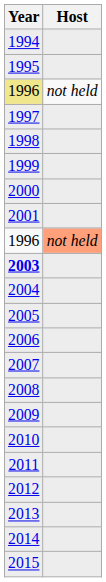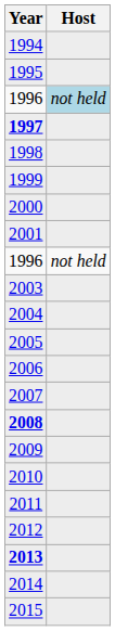 <table class="wikitable">
 <tr class="hintergrundfarbe6">
 <th>Year</th>
 <th>Host</th>
 </tr>
 <tr>
 <td align="center" bgcolor="#EDEDED"><a href='#'>1994</a></td>
 <td bgcolor="#EDEDED"></td>
 </tr>
 <tr>
 <td align="center" bgcolor="#EDEDED"><a href='#'>1995</a></td>
 <td bgcolor="#EDEDED"></td>
 </tr>
 <tr>
-<td align="center" style="background: khaki;">1996</td>
-<td><em>not held</em></td>
+<td align="center">1996</td>
+<td style="background: lightblue;"><em>not held</em></td>
 </tr>
 <tr>
-<td align="center" bgcolor="#EDEDED"><a href='#'>1997</a></td>
+<td align="center" bgcolor="#EDEDED"><strong><a href='#'>1997</a></strong></td>
 <td bgcolor="#EDEDED"></td>
 </tr>
 <tr>
 <td align="center" bgcolor="#EDEDED"><a href='#'>1998</a></td>
 <td bgcolor="#EDEDED"></td>
 </tr>
 <tr>
 <td align="center" bgcolor="#EDEDED"><a href='#'>1999</a></td>
 <td bgcolor="#EDEDED"></td>
 </tr>
 <tr>
 <td align="center" bgcolor="#EDEDED"><a href='#'>2000</a></td>
 <td bgcolor="#EDEDED"></td>
 </tr>
 <tr>
 <td align="center" bgcolor="#EDEDED"><a href='#'>2001</a></td>
 <td bgcolor="#EDEDED"></td>
 </tr>
 <tr>
 <td align="center">1996</td>
-<td style="background: lightsalmon;"><em>not held</em></td>
+<td><em>not held</em></td>
 </tr>
 <tr>
-<td align="center" bgcolor="#EDEDED"><strong><a href='#'>2003</a></strong></td>
+<td align="center" bgcolor="#EDEDED"><a href='#'>2003</a></td>
 <td bgcolor="#EDEDED"></td>
 </tr>
 <tr>
 <td align="center" bgcolor="#EDEDED"><a href='#'>2004</a></td>
 <td bgcolor="#EDEDED"></td>
 </tr>
 <tr>
 <td align="center" bgcolor="#EDEDED"><a href='#'>2005</a></td>
 <td bgcolor="#EDEDED"></td>
 </tr>
 <tr>
 <td align="center" bgcolor="#EDEDED"><a href='#'>2006</a></td>
 <td bgcolor="#EDEDED"></td>
 </tr>
 <tr>
 <td align="center" bgcolor="#EDEDED"><a href='#'>2007</a></td>
 <td bgcolor="#EDEDED"></td>
 </tr>
 <tr>
-<td align="center" bgcolor="#EDEDED"><a href='#'>2008</a></td>
+<td align="center" bgcolor="#EDEDED"><strong><a href='#'>2008</a></strong></td>
 <td bgcolor="#EDEDED"></td>
 </tr>
 <tr>
 <td align="center" bgcolor="#EDEDED"><a href='#'>2009</a></td>
 <td bgcolor="#EDEDED"></td>
 </tr>
 <tr>
 <td align="center" bgcolor="#EDEDED"><a href='#'>2010</a></td>
 <td bgcolor="#EDEDED"></td>
 </tr>
 <tr>
 <td align="center" bgcolor="#EDEDED"><a href='#'>2011</a></td>
 <td bgcolor="#EDEDED"></td>
 </tr>
 <tr>
 <td align="center" bgcolor="#EDEDED"><a href='#'>2012</a></td>
 <td bgcolor="#EDEDED"></td>
 </tr>
 <tr>
-<td align="center" bgcolor="#EDEDED"><a href='#'>2013</a></td>
+<td align="center" bgcolor="#EDEDED"><strong><a href='#'>2013</a></strong></td>
 <td bgcolor="#EDEDED"></td>
 </tr>
 <tr>
 <td align="center" bgcolor="#EDEDED"><a href='#'>2014</a></td>
 <td bgcolor="#EDEDED"></td>
 </tr>
 <tr>
 <td align="center" bgcolor="#EDEDED"><a href='#'>2015</a></td>
 <td bgcolor="#EDEDED"></td>
 </tr>
 </table>
